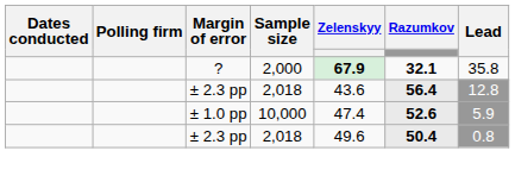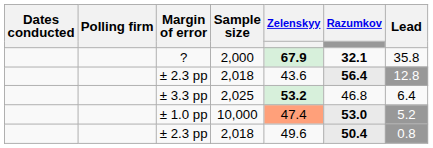 <table class="wikitable sortable mw-datatable mw-collapsible" style="text-align:center;font-size:90%;line-height:14px;">
 <tr style="height:40px;">
 <th rowspan="2">Dates<br>conducted</th>
 <th rowspan="2">Polling firm</th>
 <th rowspan="2">Margin<br>of error</th>
 <th rowspan="2">Sample<br>size</th>
 <th><small><a href='#'>Zelenskyy</a></small><br></th>
 <th><small><a href='#'>Razumkov</a></small><br></th>
 <th rowspan="2" style="width:40px;">Lead</th>
 </tr>
 <tr>
 <th data-sort-type="number" style="background:"></th>
 <th data-sort-type="number" style="background:#989898;"></th>
 </tr>
 <tr>
 <td></td>
 <td></td>
 <td>?</td>
 <td>2,000</td>
 <td style="background:#D7F0DB;"><strong>67.9</strong></td>
 <td><strong>32.1</strong></td>
 <td style="background:">35.8</td>
 </tr>
 <tr>
 <td></td>
 <td></td>
 <td>± 2.3 pp</td>
 <td>2,018</td>
 <td>43.6</td>
 <td style="background:#EAEAEA;"><strong>56.4</strong></td>
 <td style="background:#989898; color:white;">12.8</td>
 </tr>
 <tr>
 <td></td>
 <td></td>
+<td>± 3.3 pp</td>
+<td>2,025</td>
+<td style="background:#D7F0DB;"><strong>53.2</strong></td>
+<td>46.8</td>
+<td style="background:">6.4</td>
+</tr>
+<tr>
+<td></td>
+<td></td>
 <td>± 1.0 pp</td>
 <td>10,000</td>
-<td>47.4</td>
-<td style="background:#EAEAEA;"><strong>52.6</strong></td>
-<td style="background:#989898; color:white;">5.9</td>
+<td style="background: lightsalmon;">47.4</td>
+<td style="background:#EAEAEA;"><strong>53.0</strong></td>
+<td style="background:#989898; color:white;">5.2</td>
 </tr>
 <tr>
 <td></td>
 <td></td>
 <td>± 2.3 pp</td>
 <td>2,018</td>
 <td>49.6</td>
 <td style="background:#EAEAEA;"><strong>50.4</strong></td>
 <td style="background:#989898; color:white;">0.8</td>
 </tr>
 </table>
